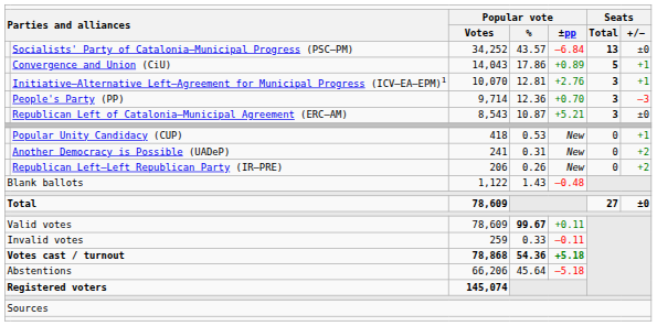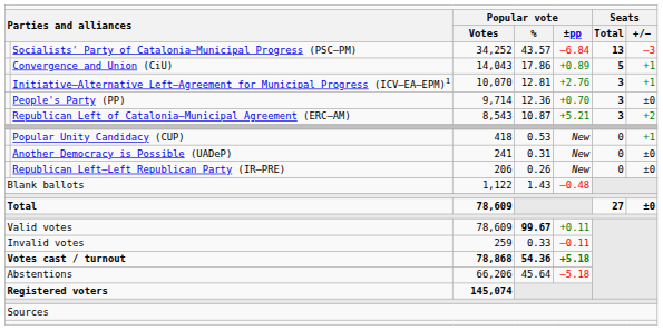 <table class="wikitable" style="text-align:right;">
 <tr>
 <td colspan="7"></td>
 </tr>
 <tr>
 <th style="text-align:left;" rowspan="2" colspan="2" width="525">Parties and alliances</th>
 <th colspan="3">Popular vote</th>
 <th colspan="2">Seats</th>
 </tr>
 <tr>
 <th width="75">Votes</th>
 <th width="45">%</th>
 <th width="45">±<a href='#'>pp</a></th>
 <th width="35">Total</th>
 <th width="35">+/−</th>
 </tr>
 <tr>
 <td width="1" style="color:inherit;background:"></td>
 <td align="left"><a href='#'>Socialists' Party of Catalonia–Municipal Progress</a> (PSC–PM)</td>
 <td>34,252</td>
 <td>43.57</td>
 <td style="color:red;">–6.84</td>
 <td><strong>13</strong></td>
-<td>±0</td>
+<td style="color:red;">–3</td>
 </tr>
 <tr>
 <td style="color:inherit;background:"></td>
 <td align="left"><a href='#'>Convergence and Union</a> (CiU)</td>
 <td>14,043</td>
 <td>17.86</td>
 <td style="color:green;">+0.89</td>
 <td><strong>5</strong></td>
 <td style="color:green;">+1</td>
 </tr>
 <tr>
 <td style="color:inherit;background:"></td>
 <td align="left"><a href='#'>Initiative–Alternative Left–Agreement for Municipal Progress</a> (ICV–EA–EPM)<sup>1</sup></td>
 <td>10,070</td>
 <td>12.81</td>
 <td style="color:green;">+2.76</td>
 <td><strong>3</strong></td>
 <td style="color:green;">+1</td>
 </tr>
 <tr>
 <td style="color:inherit;background:"></td>
 <td align="left"><a href='#'>People's Party</a> (PP)</td>
 <td>9,714</td>
 <td>12.36</td>
 <td style="color:green;">+0.70</td>
 <td><strong>3</strong></td>
-<td style="color:red;">–3</td>
+<td>±0</td>
 </tr>
 <tr>
 <td style="color:inherit;background:"></td>
 <td align="left"><a href='#'>Republican Left of Catalonia–Municipal Agreement</a> (ERC–AM)</td>
 <td>8,543</td>
 <td>10.87</td>
 <td style="color:green;">+5.21</td>
 <td><strong>3</strong></td>
-<td>±0</td>
+<td style="color:green;">+2</td>
 </tr>
 <tr>
 <td colspan="7" style="color:inherit;background:#C0C0C0"></td>
 </tr>
 <tr>
 <td style="color:inherit;background:"></td>
 <td align="left"><a href='#'>Popular Unity Candidacy</a> (CUP)</td>
 <td>418</td>
 <td>0.53</td>
 <td><em>New</em></td>
 <td>0</td>
 <td style="color:green;">+1</td>
 </tr>
 <tr>
 <td style="color:inherit;background:"></td>
 <td align="left"><a href='#'>Another Democracy is Possible</a> (UADeP)</td>
 <td>241</td>
 <td>0.31</td>
 <td><em>New</em></td>
 <td>0</td>
-<td style="color:green;">+2</td>
+<td>±0</td>
 </tr>
 <tr>
 <td style="color:inherit;background:"></td>
 <td align="left"><a href='#'>Republican Left–Left Republican Party</a> (IR–PRE)</td>
 <td>206</td>
 <td>0.26</td>
 <td><em>New</em></td>
 <td>0</td>
-<td style="color:green;">+2</td>
+<td>±0</td>
 </tr>
 <tr>
 <td align="left" colspan="2">Blank ballots</td>
 <td>1,122</td>
 <td>1.43</td>
 <td style="color:red;">–0.48</td>
 <td style="color:inherit;background:#E9E9E9" colspan="2"></td>
 </tr>
 <tr>
 <td colspan="7" style="color:inherit;background:#E9E9E9"></td>
 </tr>
 <tr style="font-weight:bold;">
 <td align="left" colspan="2">Total</td>
 <td>78,609</td>
 <td bgcolor="#E9E9E9" colspan="2"></td>
 <td>27</td>
 <td>±0</td>
 </tr>
 <tr>
 <td colspan="7" style="color:inherit;background:#E9E9E9"></td>
 </tr>
 <tr>
 <td align="left" colspan="2">Valid votes</td>
 <td>78,609</td>
 <td><strong>99.67</strong></td>
 <td style="color:green;">+0.11</td>
 <td bgcolor="#E9E9E9" colspan="2" rowspan="5"></td>
 </tr>
 <tr>
 <td align="left" colspan="2">Invalid votes</td>
 <td>259</td>
 <td>0.33</td>
 <td style="color:red;">–0.11</td>
 </tr>
 <tr style="font-weight:bold;">
 <td align="left" colspan="2">Votes cast / turnout</td>
 <td>78,868</td>
 <td>54.36</td>
 <td style="color:green;">+5.18</td>
 </tr>
 <tr>
 <td align="left" colspan="2">Abstentions</td>
 <td>66,206</td>
 <td>45.64</td>
 <td style="color:red;">–5.18</td>
 </tr>
 <tr style="font-weight:bold;">
 <td align="left" colspan="2">Registered voters</td>
 <td>145,074</td>
 <td bgcolor="#E9E9E9" colspan="2"></td>
 </tr>
 <tr>
 <td colspan="7" style="color:inherit;background:#E9E9E9"></td>
 </tr>
 <tr>
 <td align="left" colspan="7">Sources</td>
 </tr>
 <tr>
 <td colspan="7" style="text-align:left; max-width:790px;"></td>
 </tr>
 </table>
